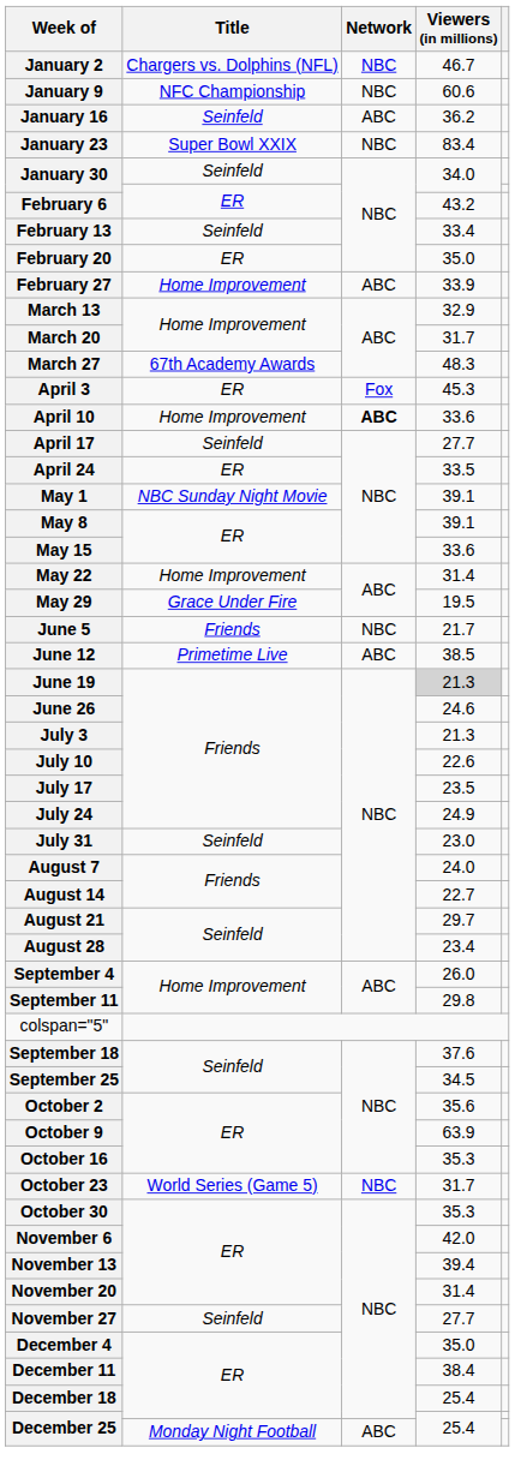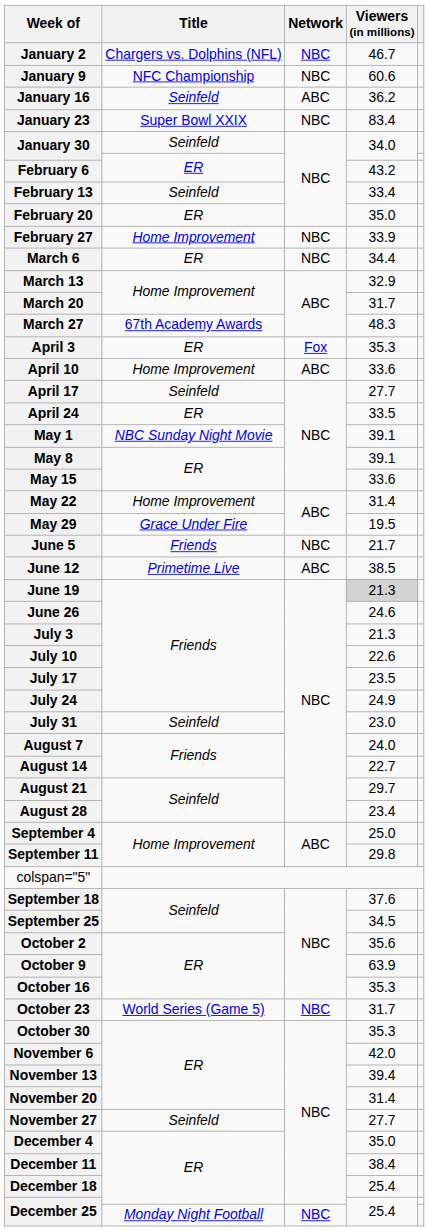 <table class="wikitable plainrowheaders" style="text-align: center; display: inline-table;">
 <tr>
 <th>Week of</th>
 <th>Title</th>
 <th>Network</th>
 <th>Viewers<br><small>(in millions)</small></th>
 <th></th>
 </tr>
 <tr>
 <th scope="row">January 2</th>
 <td><a href='#'>Chargers vs. Dolphins (NFL)</a></td>
 <td><a href='#'>NBC</a></td>
 <td>46.7</td>
 <td></td>
 </tr>
 <tr>
 <th scope="row">January 9</th>
 <td><a href='#'>NFC Championship</a></td>
 <td>NBC</td>
 <td>60.6</td>
 <td></td>
 </tr>
 <tr>
 <th scope="row">January 16</th>
 <td><em><a href='#'>Seinfeld</a></em></td>
 <td>ABC</td>
 <td>36.2</td>
 <td></td>
 </tr>
 <tr>
 <th scope="row">January 23</th>
 <td><a href='#'>Super Bowl XXIX</a></td>
 <td>NBC</td>
 <td>83.4</td>
 <td></td>
 </tr>
 <tr>
 <th scope="row" rowspan="2">January 30</th>
 <td><em>Seinfeld</em></td>
 <td rowspan="5">NBC</td>
 <td rowspan="2">34.0</td>
 <td></td>
 </tr>
 <tr>
 <td rowspan="2"><em><a href='#'>ER</a></em></td>
 <td></td>
 </tr>
 <tr>
 <th scope="row">February 6</th>
 <td>43.2</td>
 <td></td>
 </tr>
 <tr>
 <th scope="row">February 13</th>
 <td><em>Seinfeld</em></td>
 <td>33.4</td>
 <td></td>
 </tr>
 <tr>
 <th scope="row">February 20</th>
 <td><em>ER</em></td>
 <td>35.0</td>
 <td></td>
 </tr>
 <tr>
 <th scope="row">February 27</th>
 <td><em><a href='#'>Home Improvement</a></em></td>
-<td>ABC</td>
+<td>NBC</td>
 <td>33.9</td>
+<td></td>
+</tr>
+<tr>
+<th scope="row">March 6</th>
+<td><em>ER</em></td>
+<td>NBC</td>
+<td>34.4</td>
 <td></td>
 </tr>
 <tr>
 <th scope="row">March 13</th>
 <td rowspan="2"><em>Home Improvement</em></td>
 <td rowspan="3">ABC</td>
 <td>32.9</td>
 <td></td>
 </tr>
 <tr>
 <th scope="row">March 20</th>
 <td>31.7</td>
 <td></td>
 </tr>
 <tr>
 <th scope="row">March 27</th>
 <td><a href='#'>67th Academy Awards</a></td>
 <td>48.3</td>
 <td></td>
 </tr>
 <tr>
 <th scope="row">April 3</th>
 <td><em>ER</em></td>
 <td><a href='#'>Fox</a></td>
-<td>45.3</td>
+<td>35.3</td>
 <td></td>
 </tr>
 <tr>
 <th scope="row">April 10</th>
 <td><em>Home Improvement</em></td>
-<td><strong>ABC</strong></td>
+<td>ABC</td>
 <td>33.6</td>
 <td></td>
 </tr>
 <tr>
 <th scope="row">April 17</th>
 <td><em>Seinfeld</em></td>
 <td rowspan="5">NBC</td>
 <td>27.7</td>
 <td></td>
 </tr>
 <tr>
 <th scope="row">April 24</th>
 <td><em>ER</em></td>
 <td>33.5</td>
 <td></td>
 </tr>
 <tr>
 <th scope="row">May 1</th>
 <td><em><a href='#'>NBC Sunday Night Movie</a></em></td>
 <td>39.1</td>
 <td></td>
 </tr>
 <tr>
 <th scope="row">May 8</th>
 <td rowspan="2"><em>ER</em></td>
 <td>39.1</td>
 <td></td>
 </tr>
 <tr>
 <th scope="row">May 15</th>
 <td>33.6</td>
 <td></td>
 </tr>
 <tr>
 <th scope="row">May 22</th>
 <td><em>Home Improvement</em></td>
 <td rowspan="2">ABC</td>
 <td>31.4</td>
 <td></td>
 </tr>
 <tr>
 <th scope="row">May 29</th>
 <td><em><a href='#'>Grace Under Fire</a></em></td>
 <td>19.5</td>
 <td></td>
 </tr>
 <tr>
 <th scope="row">June 5</th>
 <td><em><a href='#'>Friends</a></em></td>
 <td>NBC</td>
 <td>21.7</td>
 <td></td>
 </tr>
 <tr>
 <th scope="row">June 12</th>
 <td><em><a href='#'>Primetime Live</a></em></td>
 <td>ABC</td>
 <td>38.5</td>
 <td></td>
 </tr>
 <tr>
 <th scope="row">June 19</th>
 <td rowspan="6"><em>Friends</em></td>
 <td rowspan="11">NBC</td>
 <td style="background: lightgrey;">21.3</td>
 <td></td>
 </tr>
 <tr>
 <th scope="row">June 26</th>
 <td>24.6</td>
 <td></td>
 </tr>
 <tr>
 <th scope="row">July 3</th>
 <td>21.3</td>
 <td></td>
 </tr>
 <tr>
 <th scope="row">July 10</th>
 <td>22.6</td>
 <td></td>
 </tr>
 <tr>
 <th scope="row">July 17</th>
 <td>23.5</td>
 <td></td>
 </tr>
 <tr>
 <th scope="row">July 24</th>
 <td>24.9</td>
 <td></td>
 </tr>
 <tr>
 <th scope="row">July 31</th>
 <td><em>Seinfeld</em></td>
 <td>23.0</td>
 <td></td>
 </tr>
 <tr>
 <th scope="row">August 7</th>
 <td rowspan="2"><em>Friends</em></td>
 <td>24.0</td>
 <td></td>
 </tr>
 <tr>
 <th scope="row">August 14</th>
 <td>22.7</td>
 <td></td>
 </tr>
 <tr>
 <th scope="row">August 21</th>
 <td rowspan="2"><em>Seinfeld</em></td>
 <td>29.7</td>
 <td></td>
 </tr>
 <tr>
 <th scope="row">August 28</th>
 <td>23.4</td>
 <td></td>
 </tr>
 <tr>
 <th scope="row">September 4</th>
 <td rowspan="2"><em>Home Improvement</em></td>
 <td rowspan="2">ABC</td>
-<td>26.0</td>
+<td>25.0</td>
 <td></td>
 </tr>
 <tr>
 <th scope="row">September 11</th>
 <td>29.8</td>
 <td></td>
 </tr>
 <tr>
 <td>colspan="5" </td>
 </tr>
 <tr>
 <th scope="row">September 18</th>
 <td rowspan="2"><em>Seinfeld</em></td>
 <td rowspan="5">NBC</td>
 <td>37.6</td>
 <td></td>
 </tr>
 <tr>
 <th scope="row">September 25</th>
 <td>34.5</td>
 <td></td>
 </tr>
 <tr>
 <th scope="row">October 2</th>
 <td rowspan="3"><em>ER</em></td>
 <td>35.6</td>
 <td></td>
 </tr>
 <tr>
 <th scope="row">October 9</th>
 <td>63.9</td>
 <td></td>
 </tr>
 <tr>
 <th scope="row">October 16</th>
 <td>35.3</td>
 <td></td>
 </tr>
 <tr>
 <th scope="row">October 23</th>
 <td><a href='#'>World Series (Game 5)</a></td>
 <td><a href='#'>NBC</a></td>
 <td>31.7</td>
 <td></td>
 </tr>
 <tr>
 <th scope="row">October 30</th>
 <td rowspan="4"><em>ER</em></td>
 <td rowspan="9">NBC</td>
 <td>35.3</td>
 <td></td>
 </tr>
 <tr>
 <th scope="row">November 6</th>
 <td>42.0</td>
 <td></td>
 </tr>
 <tr>
 <th scope="row">November 13</th>
 <td>39.4</td>
 <td></td>
 </tr>
 <tr>
 <th scope="row">November 20</th>
 <td>31.4</td>
 <td></td>
 </tr>
 <tr>
 <th scope="row">November 27</th>
 <td><em>Seinfeld</em></td>
 <td>27.7</td>
 <td></td>
 </tr>
 <tr>
 <th scope="row">December 4</th>
 <td rowspan="4"><em>ER</em></td>
 <td>35.0</td>
 <td></td>
 </tr>
 <tr>
 <th scope="row">December 11</th>
 <td>38.4</td>
 <td></td>
 </tr>
 <tr>
 <th scope="row">December 18</th>
 <td>25.4</td>
 <td></td>
 </tr>
 <tr>
 <th scope="row" rowspan="2">December 25</th>
 <td rowspan="2">25.4</td>
 <td></td>
 </tr>
 <tr>
 <td><em><a href='#'>Monday Night Football</a></em></td>
-<td>ABC</td>
+<td><a href='#'>NBC</a></td>
 <td></td>
 </tr>
 </table>
